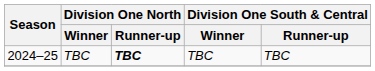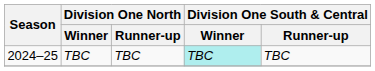 <table class="wikitable" style="textalign-center">
 <tr>
 <th rowspan="2">Season</th>
 <th colspan="2">Division One North</th>
 <th colspan="2">Division One South & Central</th>
 </tr>
 <tr>
 <th>Winner</th>
 <th>Runner-up</th>
 <th>Winner</th>
 <th>Runner-up</th>
 </tr>
 <tr>
 <td>2024–25</td>
 <td><em>TBC</em></td>
-<td><strong><em>TBC</em></strong></td>
 <td><em>TBC</em></td>
+<td style="background: paleturquoise;"><em>TBC</em></td>
 <td><em>TBC</em></td>
 </tr>
 <tr>
 </tr>
 </table>
